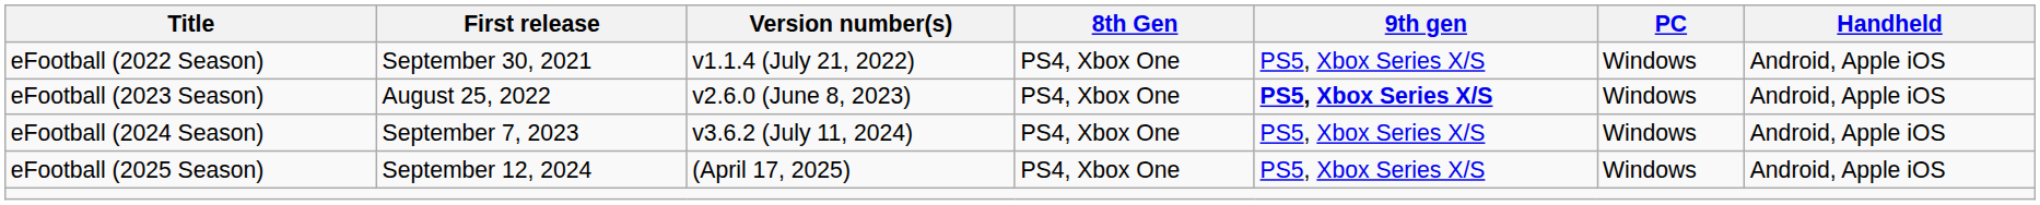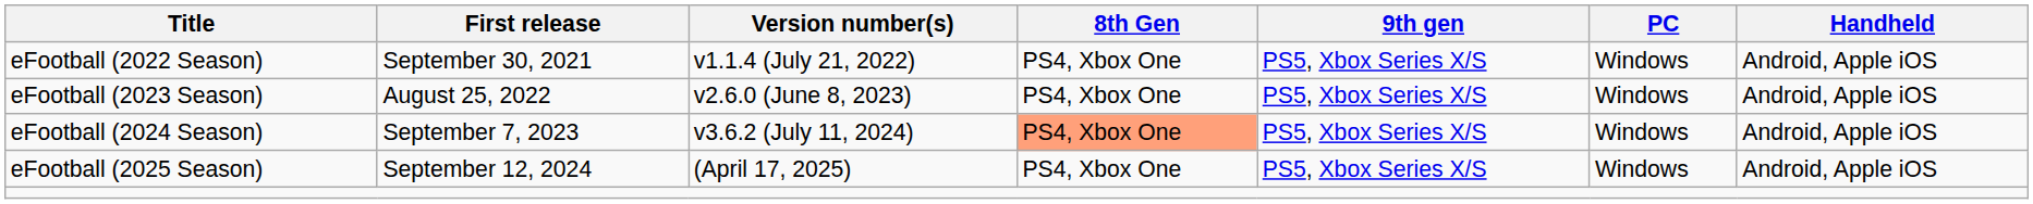 <table class="wikitable sortable" style="font-size: 90%; width: 100%;">
 <tr>
 <th>Title</th>
 <th>First release</th>
 <th>Version number(s)</th>
 <th scope="col"><a href='#'>8th Gen</a></th>
 <th scope="col"><a href='#'>9th gen</a></th>
 <th scope="col"><a href='#'>PC</a></th>
 <th scope="col"><a href='#'>Handheld</a></th>
 </tr>
 <tr>
 <td colspan-"1">eFootball (2022 Season)</td>
 <td>September 30, 2021</td>
 <td>v1.1.4 (July 21, 2022)</td>
 <td>PS4, Xbox One</td>
 <td><a href='#'>PS5</a>, <a href='#'>Xbox Series X/S</a></td>
 <td>Windows</td>
 <td>Android, Apple iOS</td>
 </tr>
 <tr>
 <td colspan="1">eFootball (2023 Season)</td>
 <td>August 25, 2022</td>
 <td>v2.6.0 (June 8, 2023)</td>
 <td>PS4, Xbox One</td>
-<td><strong><a href='#'>PS5</a>, <a href='#'>Xbox Series X/S</a></strong></td>
+<td><a href='#'>PS5</a>, <a href='#'>Xbox Series X/S</a></td>
 <td>Windows</td>
 <td>Android, Apple iOS</td>
 </tr>
 <tr>
 <td colspan="1">eFootball (2024 Season)</td>
 <td>September 7, 2023</td>
 <td>v3.6.2 (July 11, 2024)</td>
-<td>PS4, Xbox One</td>
+<td style="background: lightsalmon;">PS4, Xbox One</td>
 <td><a href='#'>PS5</a>, <a href='#'>Xbox Series X/S</a></td>
 <td>Windows</td>
 <td>Android, Apple iOS</td>
 </tr>
 <tr>
 <td colspan="1">eFootball (2025 Season)</td>
 <td>September 12, 2024</td>
 <td> (April 17, 2025)</td>
 <td>PS4, Xbox One</td>
 <td><a href='#'>PS5</a>, <a href='#'>Xbox Series X/S</a></td>
 <td>Windows</td>
 <td>Android, Apple iOS</td>
 </tr>
 <tr>
 <td colspan="7"></td>
 </tr>
 </table>
